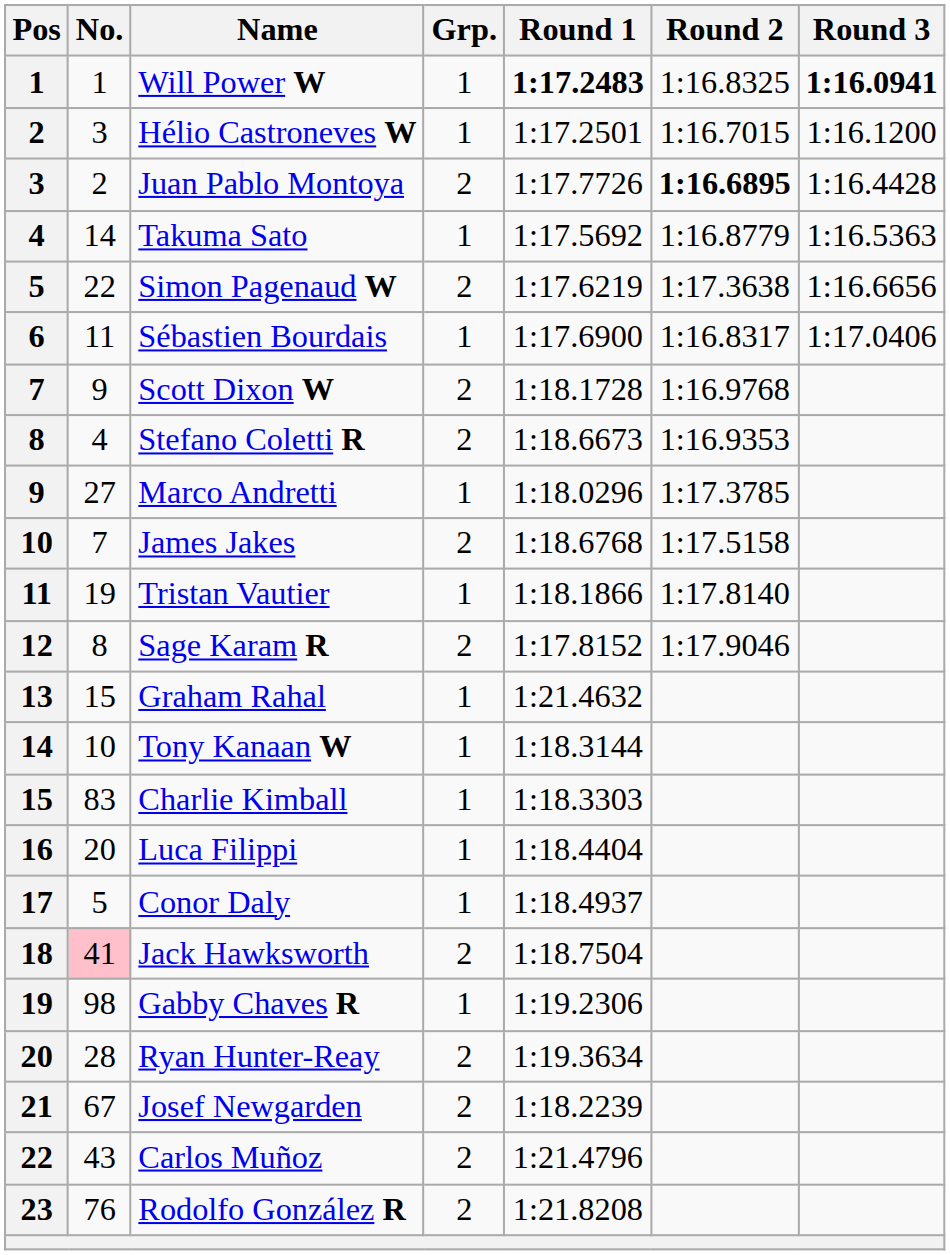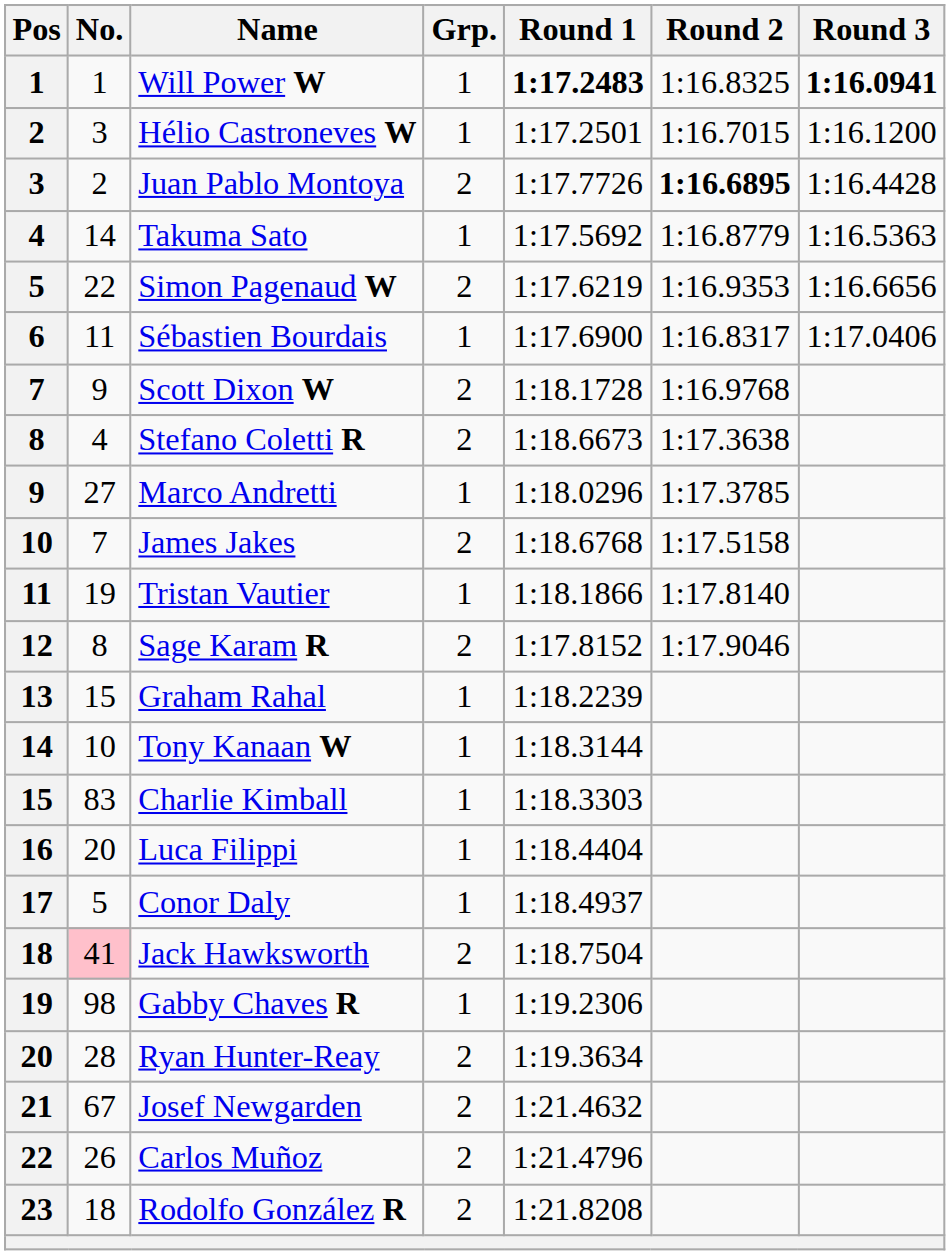 <table class="wikitable sortable" " style="fontsize:95%">
 <tr>
 <th>Pos</th>
 <th>No.</th>
 <th>Name</th>
 <th>Grp.</th>
 <th>Round 1</th>
 <th>Round 2</th>
 <th>Round 3</th>
 </tr>
 <tr>
 <th scope="row">1</th>
 <td align=center>1</td>
 <td> <a href='#'>Will Power</a> <strong><span>W</span></strong></td>
 <td style="text-align: center;">1</td>
 <td align="center"><strong>1:17.2483</strong></td>
 <td align="center">1:16.8325</td>
 <td align="center"><strong>1:16.0941</strong></td>
 </tr>
 <tr>
 <th scope="row">2</th>
 <td align=center>3</td>
 <td> <a href='#'>Hélio Castroneves</a> <strong><span>W</span></strong></td>
 <td style="text-align: center;">1</td>
 <td align="center">1:17.2501</td>
 <td align="center">1:16.7015</td>
 <td align="center">1:16.1200</td>
 </tr>
 <tr>
 <th scope="row">3</th>
 <td align=center>2</td>
 <td> <a href='#'>Juan Pablo Montoya</a></td>
 <td style="text-align: center;">2</td>
 <td align="center">1:17.7726</td>
 <td align="center"><strong>1:16.6895</strong></td>
 <td align="center">1:16.4428</td>
 </tr>
 <tr>
 <th scope="row">4</th>
 <td align=center>14</td>
 <td> <a href='#'>Takuma Sato</a></td>
 <td style="text-align: center;">1</td>
 <td align="center">1:17.5692</td>
 <td align="center">1:16.8779</td>
 <td align="center">1:16.5363</td>
 </tr>
 <tr>
 <th scope="row">5</th>
 <td align=center>22</td>
 <td> <a href='#'>Simon Pagenaud</a> <strong><span>W</span></strong></td>
 <td style="text-align: center;">2</td>
 <td align="center">1:17.6219</td>
-<td align="center">1:17.3638</td>
+<td align="center">1:16.9353</td>
 <td align="center">1:16.6656</td>
 </tr>
 <tr>
 <th scope="row">6</th>
 <td align=center>11</td>
 <td> <a href='#'>Sébastien Bourdais</a></td>
 <td style="text-align: center;">1</td>
 <td align="center">1:17.6900</td>
 <td align="center">1:16.8317</td>
 <td align="center">1:17.0406</td>
 </tr>
 <tr>
 <th scope="row">7</th>
 <td align=center>9</td>
 <td> <a href='#'>Scott Dixon</a> <strong><span>W</span></strong></td>
 <td style="text-align: center;">2</td>
 <td align="center">1:18.1728</td>
 <td align="center">1:16.9768</td>
 <td align="center"></td>
 </tr>
 <tr>
 <th scope="row">8</th>
 <td align=center>4</td>
 <td> <a href='#'>Stefano Coletti</a> <strong><span>R</span></strong></td>
 <td style="text-align: center;">2</td>
 <td align="center">1:18.6673</td>
-<td align="center">1:16.9353</td>
+<td align="center">1:17.3638</td>
 <td align="center"></td>
 </tr>
 <tr>
 <th scope="row">9</th>
 <td align=center>27</td>
 <td> <a href='#'>Marco Andretti</a></td>
 <td style="text-align: center;">1</td>
 <td align="center">1:18.0296</td>
 <td align="center">1:17.3785</td>
 <td align="center"></td>
 </tr>
 <tr>
 <th scope="row">10</th>
 <td align=center>7</td>
 <td> <a href='#'>James Jakes</a></td>
 <td style="text-align: center;">2</td>
 <td align="center">1:18.6768</td>
 <td align="center">1:17.5158</td>
 <td align="center"></td>
 </tr>
 <tr>
 <th scope="row">11</th>
 <td align=center>19</td>
 <td> <a href='#'>Tristan Vautier</a></td>
 <td style="text-align: center;">1</td>
 <td align="center">1:18.1866</td>
 <td align="center">1:17.8140</td>
 <td align="center"></td>
 </tr>
 <tr>
 <th scope="row">12</th>
 <td align=center>8</td>
 <td> <a href='#'>Sage Karam</a> <strong><span>R</span></strong></td>
 <td style="text-align: center;">2</td>
 <td align="center">1:17.8152</td>
 <td align="center">1:17.9046</td>
 <td align="center"></td>
 </tr>
 <tr>
 <th scope="row">13</th>
 <td align=center>15</td>
 <td> <a href='#'>Graham Rahal</a></td>
 <td style="text-align: center;">1</td>
-<td align="center">1:21.4632</td>
+<td align="center">1:18.2239</td>
 <td align="center"></td>
 <td align="center"></td>
 </tr>
 <tr>
 <th scope="row">14</th>
 <td align=center>10</td>
 <td> <a href='#'>Tony Kanaan</a> <strong><span>W</span></strong></td>
 <td style="text-align: center;">1</td>
 <td align="center">1:18.3144</td>
 <td align="center"></td>
 <td align="center"></td>
 </tr>
 <tr>
 <th scope="row">15</th>
 <td align=center>83</td>
 <td> <a href='#'>Charlie Kimball</a></td>
 <td style="text-align: center;">1</td>
 <td align="center">1:18.3303</td>
 <td align="center"></td>
 <td align="center"></td>
 </tr>
 <tr>
 <th scope="row">16</th>
 <td align=center>20</td>
 <td> <a href='#'>Luca Filippi</a></td>
 <td style="text-align: center;">1</td>
 <td align="center">1:18.4404</td>
 <td align="center"></td>
 <td align="center"></td>
 </tr>
 <tr>
 <th scope="row">17</th>
 <td align=center>5</td>
 <td> <a href='#'>Conor Daly</a></td>
 <td style="text-align: center;">1</td>
 <td align="center">1:18.4937</td>
 <td align="center"></td>
 <td align="center"></td>
 </tr>
 <tr>
 <th scope="row">18</th>
 <td align=center style="background: pink;">41</td>
 <td> <a href='#'>Jack Hawksworth</a></td>
 <td style="text-align: center;">2</td>
 <td align="center">1:18.7504</td>
 <td align="center"></td>
 <td align="center"></td>
 </tr>
 <tr>
 <th scope="row">19</th>
 <td align=center>98</td>
 <td> <a href='#'>Gabby Chaves</a> <strong><span>R</span></strong></td>
 <td style="text-align: center;">1</td>
 <td align="center">1:19.2306</td>
 <td align="center"></td>
 <td align="center"></td>
 </tr>
 <tr>
 <th scope="row">20</th>
 <td align=center>28</td>
 <td> <a href='#'>Ryan Hunter-Reay</a></td>
 <td style="text-align: center;">2</td>
 <td align="center">1:19.3634</td>
 <td align="center"></td>
 <td align="center"></td>
 </tr>
 <tr>
 <th scope="row">21</th>
 <td align=center>67</td>
 <td> <a href='#'>Josef Newgarden</a></td>
 <td style="text-align: center;">2</td>
-<td align="center">1:18.2239</td>
+<td align="center">1:21.4632</td>
 <td align="center"></td>
 <td align="center"></td>
 </tr>
 <tr>
 <th scope="row">22</th>
-<td align=center>43</td>
+<td align=center>26</td>
 <td> <a href='#'>Carlos Muñoz</a></td>
 <td style="text-align: center;">2</td>
 <td align="center">1:21.4796</td>
 <td align="center"></td>
 <td align="center"></td>
 </tr>
 <tr>
 <th scope="row">23</th>
-<td align=center>76</td>
+<td align=center>18</td>
 <td> <a href='#'>Rodolfo González</a> <strong><span>R</span></strong></td>
 <td style="text-align: center;">2</td>
 <td align="center">1:21.8208</td>
 <td align="center"></td>
 <td align="center"></td>
 </tr>
 <tr>
 <th colspan=11 align=center></th>
 </tr>
 </table>
